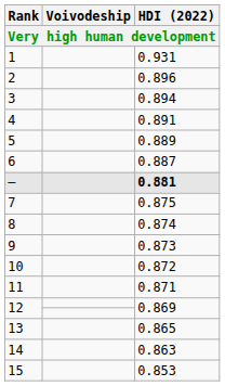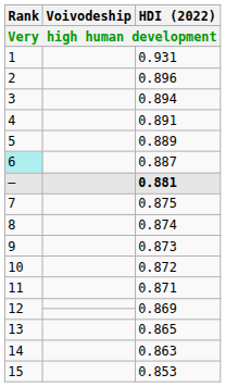 <table class="wikitable sortable">
 <tr>
 <th>Rank</th>
 <th>Voivodeship</th>
 <th>HDI (2022)</th>
 </tr>
 <tr>
 <th colspan="6" style="color:#090;">Very high human development</th>
 </tr>
 <tr>
 <td>1</td>
 <td></td>
 <td>0.931</td>
 </tr>
 <tr>
 <td>2</td>
 <td></td>
 <td>0.896</td>
 </tr>
 <tr>
 <td>3</td>
 <td></td>
 <td>0.894</td>
 </tr>
 <tr>
 <td>4</td>
 <td></td>
 <td>0.891</td>
 </tr>
 <tr>
 <td>5</td>
 <td></td>
 <td>0.889</td>
 </tr>
 <tr>
-<td>6</td>
+<td style="background: paleturquoise;">6</td>
 <td></td>
 <td>0.887</td>
 </tr>
 <tr style="background:#e6e6e6">
 <td>–</td>
 <td><strong></strong></td>
 <td><strong>0.881</strong></td>
 </tr>
 <tr>
 <td>7</td>
 <td></td>
 <td>0.875</td>
 </tr>
 <tr>
 <td>8</td>
 <td></td>
 <td>0.874</td>
 </tr>
 <tr>
 <td>9</td>
 <td></td>
 <td>0.873</td>
 </tr>
 <tr>
 <td>10</td>
 <td></td>
 <td>0.872</td>
 </tr>
 <tr>
 <td>11</td>
 <td></td>
 <td>0.871</td>
 </tr>
 <tr>
 <td rowspan="2">12</td>
 <td></td>
 <td rowspan="2">0.869</td>
 </tr>
 <tr>
 <td></td>
 </tr>
 <tr>
 <td>13</td>
 <td></td>
 <td>0.865</td>
 </tr>
 <tr>
 <td>14</td>
 <td></td>
 <td>0.863</td>
 </tr>
 <tr>
 <td>15</td>
 <td></td>
 <td>0.853</td>
 </tr>
 </table>
